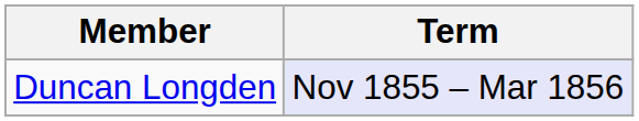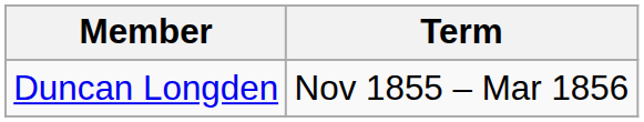 <table class="wikitable">
 <tr>
 <th>Member</th>
 <th>Term</th>
 </tr>
 <tr>
 <td><a href='#'>Duncan Longden</a></td>
-<td style="background: lavender;">Nov 1855 – Mar 1856</td>
+<td>Nov 1855 – Mar 1856</td>
 </tr>
 </table>
